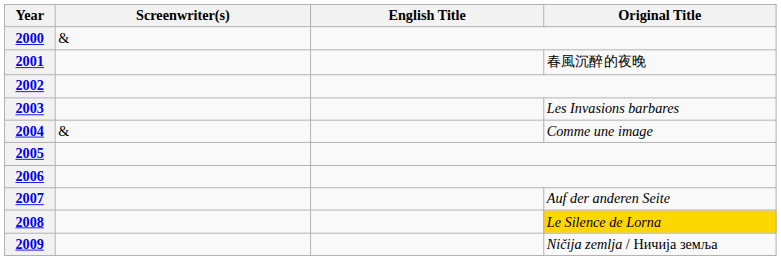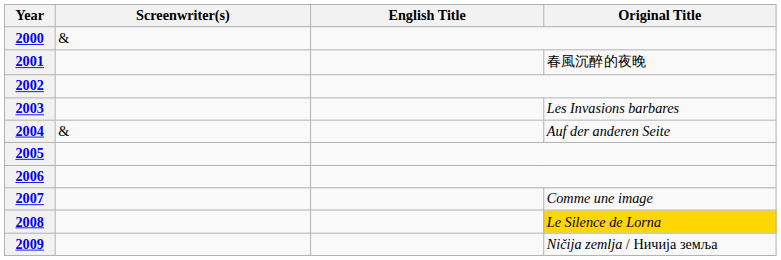 <table class="wikitable unsortable">
 <tr>
 <th scope="col" style="width:1%;">Year</th>
 <th scope="col" style="width:10%;">Screenwriter(s)</th>
 <th scope="col" style="width:10%;">English Title</th>
 <th scope="col" style="width:10%;" class="unsortable">Original Title</th>
 </tr>
 <tr>
 <th style="text-align:center;"><a href='#'>2000</a></th>
 <td> & </td>
 <td colspan="2"></td>
 </tr>
 <tr>
 <th style="text-align:center;"><a href='#'>2001</a></th>
 <td></td>
 <td colspan="1"></td>
 <td>春風沉醉的夜晚</td>
 </tr>
 <tr>
 <th style="text-align:center;"><a href='#'>2002</a></th>
 <td></td>
 <td colspan="2"></td>
 </tr>
 <tr>
 <th style="text-align:center;"><a href='#'>2003</a></th>
 <td></td>
 <td></td>
 <td><em>Les Invasions barbares</em></td>
 </tr>
 <tr>
 <th style="text-align:center;"><a href='#'>2004</a></th>
 <td> & </td>
 <td></td>
-<td><em>Comme une image</em></td>
+<td><em>Auf der anderen Seite</em></td>
 </tr>
 <tr>
 <th style="text-align:center;"><a href='#'>2005</a></th>
 <td></td>
 <td colspan="2"></td>
 </tr>
 <tr>
 <th style="text-align:center;"><a href='#'>2006</a></th>
 <td></td>
 <td colspan="2"></td>
 </tr>
 <tr>
 <th style="text-align:center;"><a href='#'>2007</a></th>
 <td></td>
 <td></td>
-<td><em>Auf der anderen Seite</em></td>
+<td><em>Comme une image</em></td>
 </tr>
 <tr>
 <th style="text-align:center;"><a href='#'>2008</a></th>
 <td></td>
 <td></td>
 <td style="background: gold;"><em>Le Silence de Lorna</em></td>
 </tr>
 <tr>
 <th style="text-align:center;"><a href='#'>2009</a></th>
 <td></td>
 <td></td>
 <td><em>Ničija zemlja</em> / Ничија земља</td>
 </tr>
 </table>
